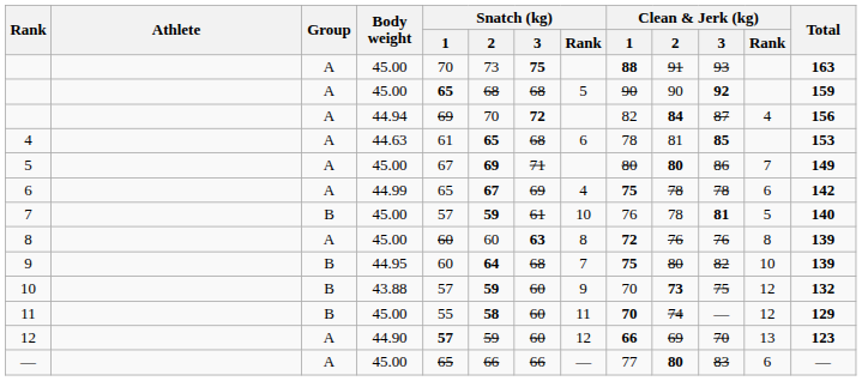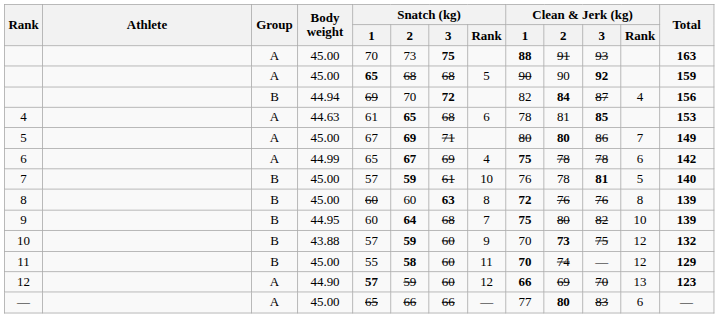 <table class = "wikitable" style="text-align:center;">
 <tr>
 <th rowspan=2 width=40>Rank</th>
 <th rowspan=2 width=250>Athlete</th>
 <th rowspan=2 width=50>Group</th>
 <th rowspan=2 width=60>Body weight</th>
 <th colspan=4>Snatch (kg)</th>
 <th colspan=4>Clean & Jerk (kg)</th>
 <th rowspan=2 width=60>Total</th>
 </tr>
 <tr>
 <th width=40>1</th>
 <th width=40>2</th>
 <th width=40>3</th>
 <th width=40>Rank</th>
 <th width=40>1</th>
 <th width=40>2</th>
 <th width=40>3</th>
 <th width=40>Rank</th>
 </tr>
 <tr>
 <td></td>
 <td align=left></td>
 <td>A</td>
 <td>45.00</td>
 <td>70</td>
 <td>73</td>
 <td><strong>75</strong></td>
 <td></td>
 <td><strong>88</strong></td>
 <td><s>91</s></td>
 <td><s>93</s></td>
 <td></td>
 <td><strong>163</strong></td>
 </tr>
 <tr>
 <td></td>
 <td align=left></td>
 <td>A</td>
 <td>45.00</td>
 <td><strong>65</strong></td>
 <td><s>68</s></td>
 <td><s>68</s></td>
 <td>5</td>
 <td><s>90</s></td>
 <td>90</td>
 <td><strong>92</strong></td>
 <td></td>
 <td><strong>159</strong></td>
 </tr>
 <tr>
 <td></td>
 <td align=left></td>
-<td>A</td>
+<td>B</td>
 <td>44.94</td>
 <td><s>69</s></td>
 <td>70</td>
 <td><strong>72</strong></td>
 <td></td>
 <td>82</td>
 <td><strong>84</strong></td>
 <td><s>87</s></td>
 <td>4</td>
 <td><strong>156</strong></td>
 </tr>
 <tr>
 <td>4</td>
 <td align=left></td>
 <td>A</td>
 <td>44.63</td>
 <td>61</td>
 <td><strong>65</strong></td>
 <td><s>68</s></td>
 <td>6</td>
 <td>78</td>
 <td>81</td>
 <td><strong>85</strong></td>
 <td></td>
 <td><strong>153</strong></td>
 </tr>
 <tr>
 <td>5</td>
 <td align=left></td>
 <td>A</td>
 <td>45.00</td>
 <td>67</td>
 <td><strong>69</strong></td>
 <td><s>71</s></td>
 <td></td>
 <td><s>80</s></td>
 <td><strong>80</strong></td>
 <td><s>86</s></td>
 <td>7</td>
 <td><strong>149</strong></td>
 </tr>
 <tr>
 <td>6</td>
 <td align=left></td>
 <td>A</td>
 <td>44.99</td>
 <td>65</td>
 <td><strong>67</strong></td>
 <td><s>69</s></td>
 <td>4</td>
 <td><strong>75</strong></td>
 <td><s>78</s></td>
 <td><s>78</s></td>
 <td>6</td>
 <td><strong>142</strong></td>
 </tr>
 <tr>
 <td>7</td>
 <td align=left></td>
 <td>B</td>
 <td>45.00</td>
 <td>57</td>
 <td><strong>59</strong></td>
 <td><s>61</s></td>
 <td>10</td>
 <td>76</td>
 <td>78</td>
 <td><strong>81</strong></td>
 <td>5</td>
 <td><strong>140</strong></td>
 </tr>
 <tr>
 <td>8</td>
 <td align=left></td>
-<td>A</td>
+<td>B</td>
 <td>45.00</td>
 <td><s>60</s></td>
 <td>60</td>
 <td><strong>63</strong></td>
 <td>8</td>
 <td><strong>72</strong></td>
 <td><s>76</s></td>
 <td><s>76</s></td>
 <td>8</td>
 <td><strong>139</strong></td>
 </tr>
 <tr>
 <td>9</td>
 <td align=left></td>
 <td>B</td>
 <td>44.95</td>
 <td>60</td>
 <td><strong>64</strong></td>
 <td><s>68</s></td>
 <td>7</td>
 <td><strong>75</strong></td>
 <td><s>80</s></td>
 <td><s>82</s></td>
 <td>10</td>
 <td><strong>139</strong></td>
 </tr>
 <tr>
 <td>10</td>
 <td align=left></td>
 <td>B</td>
 <td>43.88</td>
 <td>57</td>
 <td><strong>59</strong></td>
 <td><s>60</s></td>
 <td>9</td>
 <td>70</td>
 <td><strong>73</strong></td>
 <td><s>75</s></td>
 <td>12</td>
 <td><strong>132</strong></td>
 </tr>
 <tr>
 <td>11</td>
 <td align=left></td>
 <td>B</td>
 <td>45.00</td>
 <td>55</td>
 <td><strong>58</strong></td>
 <td><s>60</s></td>
 <td>11</td>
 <td><strong>70</strong></td>
 <td><s>74</s></td>
 <td>—</td>
 <td>12</td>
 <td><strong>129</strong></td>
 </tr>
 <tr>
 <td>12</td>
 <td align=left></td>
 <td>A</td>
 <td>44.90</td>
 <td><strong>57</strong></td>
 <td><s>59</s></td>
 <td><s>60</s></td>
 <td>12</td>
 <td><strong>66</strong></td>
 <td><s>69</s></td>
 <td><s>70</s></td>
 <td>13</td>
 <td><strong>123</strong></td>
 </tr>
 <tr>
 <td>—</td>
 <td align=left></td>
 <td>A</td>
 <td>45.00</td>
 <td><s>65</s></td>
 <td><s>66</s></td>
 <td><s>66</s></td>
 <td>—</td>
 <td>77</td>
 <td><strong>80</strong></td>
 <td><s>83</s></td>
 <td>6</td>
 <td>—</td>
 </tr>
 </table>
